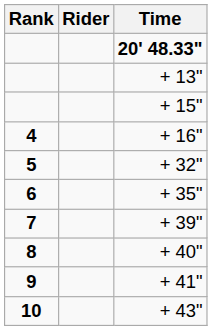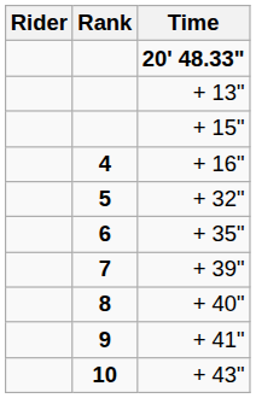 <table class=wikitable style="text-align:center; width=60%">
 <tr>
+<th>Rider</th>
 <th>Rank</th>
-<th>Rider</th>
 <th>Time</th>
 </tr>
 <tr>
+<td align="left"></td>
 <td></td>
-<td align="left"></td>
 <td align="right"><strong>20' 48.33"</strong></td>
 </tr>
 <tr>
+<td align="left"></td>
 <td></td>
-<td align="left"></td>
 <td align="right">+ 13"</td>
 </tr>
 <tr>
+<td align="left"></td>
 <td></td>
-<td align="left"></td>
 <td align="right">+ 15"</td>
 </tr>
 <tr>
+<td align="left"></td>
 <td><strong>4</strong></td>
-<td align="left"></td>
 <td align="right">+ 16"</td>
 </tr>
 <tr>
+<td align="left"></td>
 <td><strong>5</strong></td>
-<td align="left"></td>
 <td align="right">+ 32"</td>
 </tr>
 <tr>
+<td align="left"></td>
 <td><strong>6</strong></td>
-<td align="left"></td>
 <td align="right">+ 35"</td>
 </tr>
 <tr>
+<td align="left"></td>
 <td><strong>7</strong></td>
-<td align="left"></td>
 <td align="right">+ 39"</td>
 </tr>
 <tr>
+<td align="left"></td>
 <td><strong>8</strong></td>
-<td align="left"></td>
 <td align="right">+ 40"</td>
 </tr>
 <tr>
+<td align="left"></td>
 <td><strong>9</strong></td>
-<td align="left"></td>
 <td align="right">+ 41"</td>
 </tr>
 <tr>
+<td align="left"></td>
 <td><strong>10</strong></td>
-<td align="left"></td>
 <td align="right">+ 43"</td>
 </tr>
 </table>
